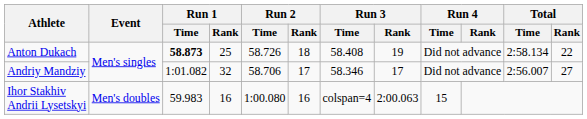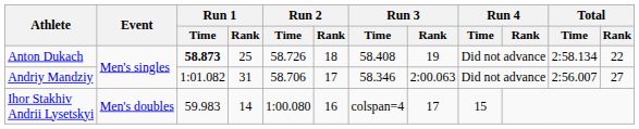 <table class=wikitable style=font-size:90%;text-align:center>
 <tr>
 <th rowspan=2>Athlete</th>
 <th rowspan=2>Event</th>
 <th colspan=2>Run 1</th>
 <th colspan=2>Run 2</th>
 <th colspan=2>Run 3</th>
 <th colspan=2>Run 4</th>
 <th colspan=2>Total</th>
 </tr>
 <tr style=font-size:95%>
 <th>Time</th>
 <th>Rank</th>
 <th>Time</th>
 <th>Rank</th>
 <th>Time</th>
 <th>Rank</th>
 <th>Time</th>
 <th>Rank</th>
 <th>Time</th>
 <th>Rank</th>
 </tr>
 <tr>
 <td align=left><a href='#'>Anton Dukach</a></td>
 <td align=left rowspan=2><a href='#'>Men's singles</a></td>
 <td><strong>58.873</strong></td>
 <td>25</td>
 <td>58.726</td>
 <td>18</td>
 <td>58.408</td>
 <td>19</td>
 <td colspan="2">Did not advance</td>
 <td>2:58.134</td>
 <td>22</td>
 </tr>
 <tr>
 <td align=left><a href='#'>Andriy Mandziy</a></td>
 <td>1:01.082</td>
-<td>32</td>
+<td>31</td>
 <td>58.706</td>
 <td>17</td>
 <td>58.346</td>
-<td>17</td>
+<td>2:00.063</td>
 <td colspan="2">Did not advance</td>
 <td>2:56.007</td>
 <td>27</td>
 </tr>
 <tr>
 <td align=left><a href='#'>Ihor Stakhiv</a><br><a href='#'>Andrii Lysetskyi</a></td>
 <td align=left rowspan=2><a href='#'>Men's doubles</a></td>
 <td>59.983</td>
-<td>16</td>
+<td>14</td>
 <td>1:00.080</td>
 <td>16</td>
 <td>colspan=4 </td>
-<td>2:00.063</td>
+<td>17</td>
 <td>15</td>
 </tr>
 </table>
